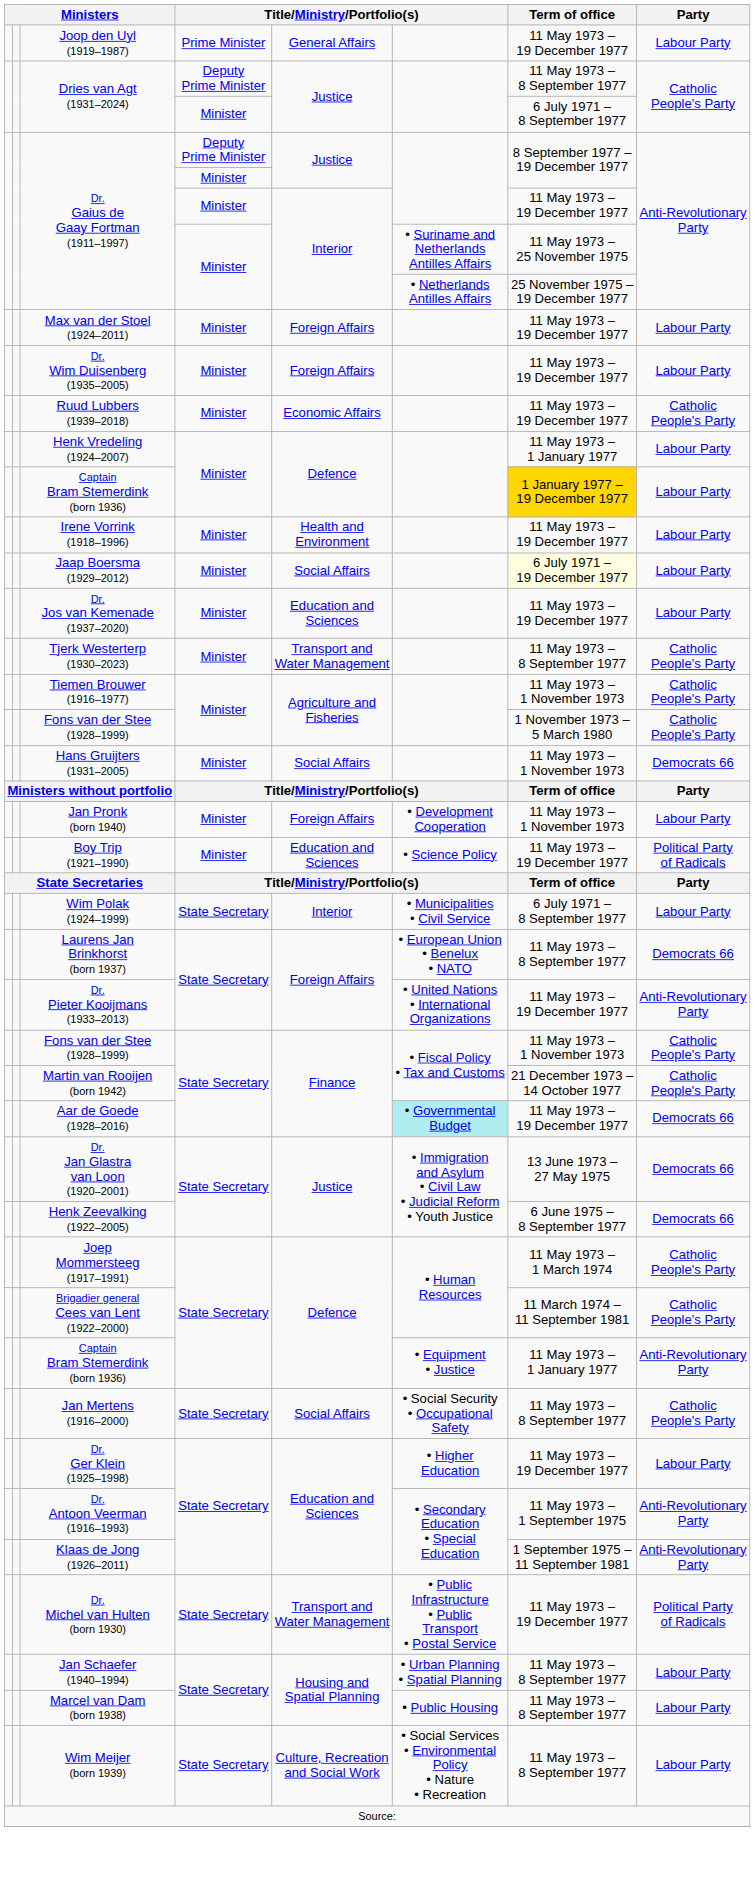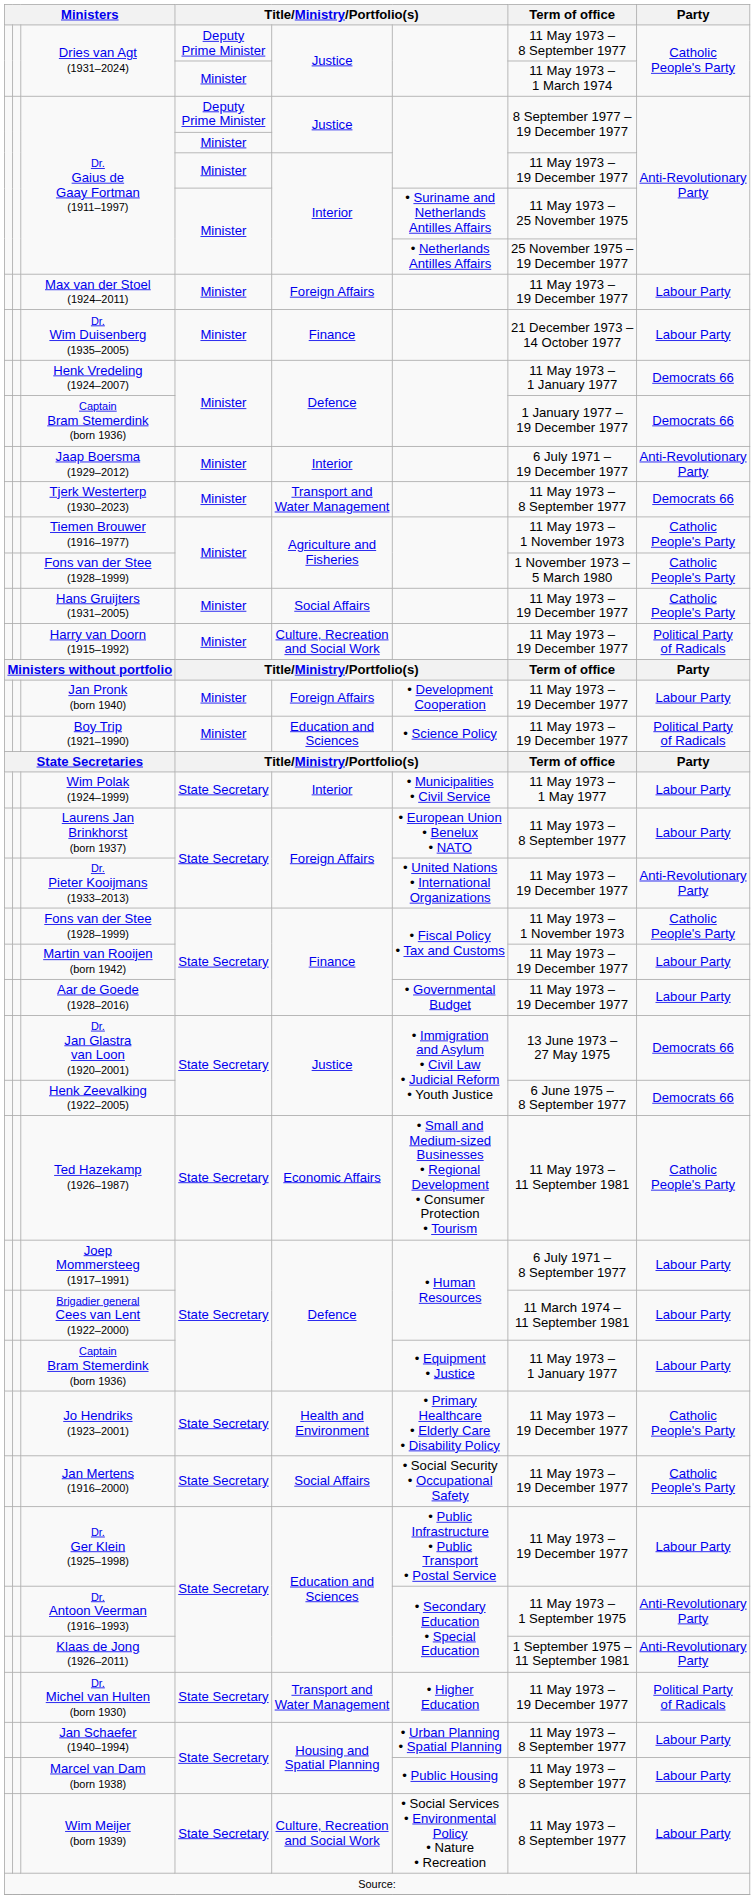 <table class="wikitable" style="text-align:center">
 <tr>
 <th colspan=3><a href='#'>Ministers</a></th>
 <th colspan=3>Title/<a href='#'>Ministry</a>/Portfolio(s)</th>
 <th>Term of office</th>
 <th>Party</th>
-</tr>
-<tr>
-<td style="background:"></td>
-<td></td>
-<td><a href='#'>Joop den Uyl</a> <br> <small>(1919–1987)</small></td>
-<td><a href='#'>Prime Minister</a></td>
-<td><a href='#'>General Affairs</a></td>
-<td></td>
-<td>11 May 1973 – <br> 19 December 1977</td>
-<td><a href='#'>Labour Party</a></td>
 </tr>
 <tr>
 <td rowspan=2 style="background:"></td>
 <td rowspan=2></td>
 <td rowspan=2><a href='#'>Dries van Agt</a> <br> <small>(1931–2024)</small></td>
 <td><a href='#'>Deputy <br> Prime Minister</a></td>
 <td rowspan=2><a href='#'>Justice</a></td>
 <td rowspan=2></td>
 <td>11 May 1973 – <br> 8 September 1977 <br> </td>
 <td rowspan=2><a href='#'>Catholic <br> People's Party</a></td>
 </tr>
 <tr>
 <td><a href='#'>Minister</a></td>
-<td>6 July 1971 – <br> 8 September 1977 <br>  </td>
+<td>11 May 1973 – <br> 1 March 1974 <br> </td>
 </tr>
 <tr>
 <td rowspan=5 style="background:"></td>
 <td rowspan=5></td>
 <td rowspan=5><small><a href='#'>Dr.</a></small> <br> <a href='#'>Gaius de <br> Gaay Fortman</a> <br> <small>(1911–1997)</small></td>
 <td><a href='#'>Deputy <br> Prime Minister</a></td>
 <td rowspan=2><a href='#'>Justice</a></td>
 <td rowspan=3></td>
 <td rowspan=2>8 September 1977 – <br> 19 December 1977</td>
 <td rowspan=5><a href='#'>Anti-Revolutionary <br> Party</a></td>
 </tr>
 <tr>
 <td><a href='#'>Minister</a></td>
 </tr>
 <tr>
 <td><a href='#'>Minister</a></td>
 <td rowspan=3><a href='#'>Interior</a></td>
 <td>11 May 1973 – <br> 19 December 1977</td>
 </tr>
 <tr>
 <td rowspan=2><a href='#'>Minister</a></td>
 <td>• <a href='#'>Suriname and <br> Netherlands <br> Antilles Affairs</a></td>
 <td>11 May 1973 – <br> 25 November 1975</td>
 </tr>
 <tr>
 <td>• <a href='#'>Netherlands <br> Antilles Affairs</a></td>
 <td>25 November 1975 – <br> 19 December 1977</td>
 </tr>
 <tr>
 <td style="background:"></td>
 <td></td>
 <td><a href='#'>Max van der Stoel</a> <br> <small>(1924–2011)</small></td>
 <td><a href='#'>Minister</a></td>
 <td><a href='#'>Foreign Affairs</a></td>
 <td></td>
 <td>11 May 1973 – <br> 19 December 1977</td>
 <td><a href='#'>Labour Party</a></td>
 </tr>
 <tr>
 <td style="background:"></td>
 <td></td>
 <td><small><a href='#'>Dr.</a></small> <br> <a href='#'>Wim Duisenberg</a> <br> <small>(1935–2005)</small></td>
 <td><a href='#'>Minister</a></td>
-<td><a href='#'>Foreign Affairs</a></td>
+<td><a href='#'>Finance</a></td>
 <td></td>
-<td>11 May 1973 – <br> 19 December 1977</td>
+<td>21 December 1973 – <br> 14 October 1977 <br> </td>
 <td><a href='#'>Labour Party</a></td>
-</tr>
-<tr>
-<td style="background:"></td>
-<td></td>
-<td><a href='#'>Ruud Lubbers</a> <br> <small>(1939–2018)</small></td>
-<td><a href='#'>Minister</a></td>
-<td><a href='#'>Economic Affairs</a></td>
-<td></td>
-<td>11 May 1973 – <br> 19 December 1977</td>
-<td><a href='#'>Catholic <br> People's Party</a></td>
 </tr>
 <tr>
 <td style="background:"></td>
 <td></td>
 <td><a href='#'>Henk Vredeling</a> <br> <small>(1924–2007)</small></td>
 <td rowspan=2><a href='#'>Minister</a></td>
 <td rowspan=2><a href='#'>Defence</a></td>
 <td rowspan=2></td>
 <td>11 May 1973 – <br> 1 January 1977 <br> </td>
-<td><a href='#'>Labour Party</a></td>
+<td><a href='#'>Democrats 66</a></td>
 </tr>
 <tr>
 <td style="background:"></td>
 <td></td>
 <td><small><a href='#'>Captain</a></small> <br> <a href='#'>Bram Stemerdink</a> <br> <small>(born 1936)</small></td>
-<td style="background: gold;">1 January 1977 – <br> 19 December 1977</td>
-<td><a href='#'>Labour Party</a></td>
-</tr>
-<tr>
-<td style="background:"></td>
-<td></td>
-<td><a href='#'>Irene Vorrink</a> <br> <small>(1918–1996)</small></td>
-<td><a href='#'>Minister</a></td>
-<td><a href='#'>Health and <br> Environment</a></td>
-<td></td>
-<td>11 May 1973 – <br> 19 December 1977</td>
-<td><a href='#'>Labour Party</a></td>
+<td>1 January 1977 – <br> 19 December 1977</td>
+<td><a href='#'>Democrats 66</a></td>
 </tr>
 <tr>
 <td style="background:"></td>
 <td></td>
 <td><a href='#'>Jaap Boersma</a> <br> <small>(1929–2012)</small></td>
 <td><a href='#'>Minister</a></td>
-<td><a href='#'>Social Affairs</a></td>
+<td><a href='#'>Interior</a></td>
 <td></td>
-<td style="background: lightyellow;">6 July 1971 – <br> 19 December 1977 <br> </td>
-<td><a href='#'>Labour Party</a></td>
-</tr>
-<tr>
-<td style="background:"></td>
-<td></td>
-<td><small><a href='#'>Dr.</a></small> <br> <a href='#'>Jos van Kemenade</a> <br> <small>(1937–2020)</small></td>
-<td><a href='#'>Minister</a></td>
-<td><a href='#'>Education and <br> Sciences</a></td>
-<td></td>
-<td>11 May 1973 – <br> 19 December 1977</td>
-<td><a href='#'>Labour Party</a></td>
+<td>6 July 1971 – <br> 19 December 1977 <br> </td>
+<td><a href='#'>Anti-Revolutionary <br> Party</a></td>
 </tr>
 <tr>
 <td style="background:"></td>
 <td></td>
 <td><a href='#'>Tjerk Westerterp</a> <br> <small>(1930–2023)</small></td>
 <td><a href='#'>Minister</a></td>
 <td><a href='#'>Transport and <br> Water Management</a></td>
 <td></td>
 <td>11 May 1973 – <br> 8 September 1977 <br> </td>
-<td><a href='#'>Catholic <br> People's Party</a></td>
+<td><a href='#'>Democrats 66</a></td>
 </tr>
 <tr>
 <td style="background:"></td>
 <td></td>
 <td><a href='#'>Tiemen Brouwer</a> <br> <small>(1916–1977)</small></td>
 <td rowspan=2><a href='#'>Minister</a></td>
 <td rowspan=2><a href='#'>Agriculture and <br> Fisheries</a></td>
 <td rowspan=2></td>
 <td>11 May 1973 – <br> 1 November 1973 <br> </td>
 <td><a href='#'>Catholic <br> People's Party</a></td>
 </tr>
 <tr>
 <td style="background:"></td>
 <td></td>
 <td><a href='#'>Fons van der Stee</a> <br> <small>(1928–1999)</small></td>
 <td>1 November 1973 – <br> 5 March 1980 <br> </td>
 <td><a href='#'>Catholic <br> People's Party</a></td>
 </tr>
 <tr>
 <td style="background:"></td>
 <td></td>
 <td><a href='#'>Hans Gruijters</a> <br> <small>(1931–2005)</small></td>
 <td><a href='#'>Minister</a></td>
 <td><a href='#'>Social Affairs</a></td>
 <td></td>
-<td>11 May 1973 – <br> 1 November 1973 <br> </td>
-<td><a href='#'>Democrats 66</a></td>
+<td>11 May 1973 – <br> 19 December 1977</td>
+<td><a href='#'>Catholic <br> People's Party</a></td>
+</tr>
+<tr>
+<td style="background:"></td>
+<td></td>
+<td><a href='#'>Harry van Doorn</a> <br> <small>(1915–1992)</small></td>
+<td><a href='#'>Minister</a></td>
+<td><a href='#'>Culture, Recreation <br> and Social Work</a></td>
+<td></td>
+<td>11 May 1973 – <br> 19 December 1977</td>
+<td><a href='#'>Political Party <br> of Radicals</a></td>
 </tr>
 <tr>
 <th colspan=3><a href='#'>Ministers without portfolio</a></th>
 <th colspan=3>Title/<a href='#'>Ministry</a>/Portfolio(s)</th>
 <th>Term of office</th>
 <th>Party</th>
 </tr>
 <tr>
 <td style="background:"></td>
 <td></td>
 <td><a href='#'>Jan Pronk</a> <br> <small>(born 1940)</small></td>
 <td><a href='#'>Minister</a></td>
 <td><a href='#'>Foreign Affairs</a></td>
 <td>• <a href='#'>Development <br> Cooperation</a></td>
-<td>11 May 1973 – <br> 1 November 1973 <br> </td>
+<td>11 May 1973 – <br> 19 December 1977</td>
 <td><a href='#'>Labour Party</a></td>
 </tr>
 <tr>
 <td style="background:"></td>
 <td></td>
 <td><a href='#'>Boy Trip</a> <br> <small>(1921–1990)</small></td>
 <td><a href='#'>Minister</a></td>
 <td><a href='#'>Education and <br> Sciences</a></td>
 <td>• <a href='#'>Science Policy</a></td>
 <td>11 May 1973 – <br> 19 December 1977</td>
 <td><a href='#'>Political Party <br> of Radicals</a></td>
 </tr>
 <tr>
 <th colspan=3><a href='#'>State Secretaries</a></th>
 <th colspan=3>Title/<a href='#'>Ministry</a>/Portfolio(s)</th>
 <th>Term of office</th>
 <th>Party</th>
 </tr>
 <tr>
 <td style="background:"></td>
 <td></td>
 <td><a href='#'>Wim Polak</a> <br> <small>(1924–1999)</small></td>
 <td><a href='#'>State Secretary</a></td>
 <td><a href='#'>Interior</a></td>
 <td>• <a href='#'>Municipalities</a> <br> • <a href='#'>Civil Service</a></td>
-<td>6 July 1971 – <br> 8 September 1977 <br>  </td>
+<td>11 May 1973 – <br> 1 May 1977 <br> </td>
 <td><a href='#'>Labour Party</a></td>
 </tr>
 <tr>
 <td style="background:"></td>
 <td></td>
 <td><a href='#'>Laurens Jan <br> Brinkhorst</a> <br> <small>(born 1937)</small></td>
 <td rowspan=2><a href='#'>State Secretary</a></td>
 <td rowspan=2><a href='#'>Foreign Affairs</a></td>
 <td>• <a href='#'>European Union</a> <br> • <a href='#'>Benelux</a> <br> • <a href='#'>NATO</a></td>
 <td>11 May 1973 – <br> 8 September 1977 <br> </td>
-<td><a href='#'>Democrats 66</a></td>
+<td><a href='#'>Labour Party</a></td>
 </tr>
 <tr>
 <td style="background:"></td>
 <td></td>
 <td><small><a href='#'>Dr.</a></small> <br> <a href='#'>Pieter Kooijmans</a> <br> <small>(1933–2013)</small></td>
 <td>• <a href='#'>United Nations</a> <br> • <a href='#'>International <br> Organizations</a></td>
 <td>11 May 1973 – <br> 19 December 1977</td>
 <td><a href='#'>Anti-Revolutionary <br> Party</a></td>
 </tr>
 <tr>
 <td style="background:"></td>
 <td></td>
 <td><a href='#'>Fons van der Stee</a> <br> <small>(1928–1999)</small></td>
 <td rowspan=3><a href='#'>State Secretary</a></td>
 <td rowspan=3><a href='#'>Finance</a></td>
 <td rowspan=2>• <a href='#'>Fiscal Policy</a> <br> • <a href='#'>Tax and Customs</a></td>
 <td>11 May 1973 – <br> 1 November 1973 <br> </td>
 <td><a href='#'>Catholic <br> People's Party</a></td>
 </tr>
 <tr>
 <td style="background:"></td>
 <td></td>
 <td><a href='#'>Martin van Rooijen</a> <br> <small>(born 1942)</small></td>
-<td>21 December 1973 – <br> 14 October 1977 <br> </td>
-<td><a href='#'>Catholic <br> People's Party</a></td>
+<td>11 May 1973 – <br> 19 December 1977</td>
+<td><a href='#'>Labour Party</a></td>
 </tr>
 <tr>
 <td style="background:"></td>
 <td></td>
 <td><a href='#'>Aar de Goede</a> <br> <small>(1928–2016)</small></td>
-<td style="background: paleturquoise;">• <a href='#'>Governmental <br> Budget</a></td>
+<td>• <a href='#'>Governmental <br> Budget</a></td>
 <td>11 May 1973 – <br> 19 December 1977</td>
-<td><a href='#'>Democrats 66</a></td>
+<td><a href='#'>Labour Party</a></td>
 </tr>
 <tr>
 <td style="background:"></td>
 <td></td>
 <td><small><a href='#'>Dr.</a></small> <br> <a href='#'>Jan Glastra <br> van Loon</a> <br> <small>(1920–2001)</small></td>
 <td rowspan=2><a href='#'>State Secretary</a></td>
 <td rowspan=2><a href='#'>Justice</a></td>
 <td rowspan=2>• <a href='#'>Immigration <br> and Asylum</a> <br> • <a href='#'>Civil Law</a> <br> • <a href='#'>Judicial Reform</a> <br> • Youth Justice</td>
 <td>13 June 1973 – <br> 27 May 1975 <br> </td>
 <td><a href='#'>Democrats 66</a></td>
 </tr>
 <tr>
 <td style="background:"></td>
 <td></td>
 <td><a href='#'>Henk Zeevalking</a> <br> <small>(1922–2005)</small></td>
 <td>6 June 1975 – <br> 8 September 1977 <br> </td>
 <td><a href='#'>Democrats 66</a></td>
 </tr>
 <tr>
 <td style="background:"></td>
 <td></td>
+<td><a href='#'>Ted Hazekamp</a> <br> <small>(1926–1987)</small></td>
+<td><a href='#'>State Secretary</a></td>
+<td><a href='#'>Economic Affairs</a></td>
+<td>• <a href='#'>Small and <br> Medium-sized <br> Businesses</a> <br> • <a href='#'>Regional <br> Development</a> <br> • Consumer <br> Protection <br> • <a href='#'>Tourism</a></td>
+<td>11 May 1973 – <br> 11 September 1981 <br> </td>
+<td><a href='#'>Catholic <br> People's Party</a></td>
+</tr>
+<tr>
+<td style="background:"></td>
+<td></td>
 <td><a href='#'>Joep <br> Mommersteeg</a> <br> <small>(1917–1991)</small></td>
 <td rowspan=3><a href='#'>State Secretary</a></td>
 <td rowspan=3><a href='#'>Defence</a></td>
 <td rowspan=2>• <a href='#'>Human <br> Resources</a></td>
-<td>11 May 1973 – <br> 1 March 1974 <br> </td>
-<td><a href='#'>Catholic <br> People's Party</a></td>
+<td>6 July 1971 – <br> 8 September 1977 <br>  </td>
+<td><a href='#'>Labour Party</a></td>
 </tr>
 <tr>
 <td style="background:"></td>
 <td></td>
 <td><small><a href='#'>Brigadier general</a></small> <br> <a href='#'>Cees van Lent</a> <br> <small>(1922–2000)</small></td>
 <td>11 March 1974 – <br> 11 September 1981 <br> </td>
-<td><a href='#'>Catholic <br> People's Party</a></td>
+<td><a href='#'>Labour Party</a></td>
 </tr>
 <tr>
 <td style="background:"></td>
 <td></td>
 <td><small><a href='#'>Captain</a></small> <br> <a href='#'>Bram Stemerdink</a> <br> <small>(born 1936)</small></td>
 <td>• <a href='#'>Equipment</a> <br> • <a href='#'>Justice</a></td>
 <td>11 May 1973 – <br> 1 January 1977 <br> </td>
-<td><a href='#'>Anti-Revolutionary <br> Party</a></td>
+<td><a href='#'>Labour Party</a></td>
+</tr>
+<tr>
+<td style="background:"></td>
+<td></td>
+<td><a href='#'>Jo Hendriks</a> <br> <small>(1923–2001)</small></td>
+<td><a href='#'>State Secretary</a></td>
+<td><a href='#'>Health and <br> Environment</a></td>
+<td>• <a href='#'>Primary <br> Healthcare</a> <br> • <a href='#'>Elderly Care</a> <br> • <a href='#'>Disability Policy</a></td>
+<td>11 May 1973 – <br> 19 December 1977</td>
+<td><a href='#'>Catholic <br> People's Party</a></td>
 </tr>
 <tr>
 <td style="background:"></td>
 <td></td>
 <td><a href='#'>Jan Mertens</a> <br> <small>(1916–2000)</small></td>
 <td><a href='#'>State Secretary</a></td>
 <td><a href='#'>Social Affairs</a></td>
 <td>• Social Security <br> • <a href='#'>Occupational <br> Safety</a></td>
-<td>11 May 1973 – <br> 8 September 1977 <br> </td>
+<td>11 May 1973 – <br> 19 December 1977</td>
 <td><a href='#'>Catholic <br> People's Party</a></td>
 </tr>
 <tr>
 <td style="background:"></td>
 <td></td>
 <td><small><a href='#'>Dr.</a></small> <br> <a href='#'>Ger Klein</a> <br> <small>(1925–1998)</small></td>
 <td rowspan=3><a href='#'>State Secretary</a></td>
 <td rowspan=3><a href='#'>Education and <br> Sciences</a></td>
-<td>• <a href='#'>Higher <br> Education</a></td>
+<td>• <a href='#'>Public <br> Infrastructure</a> <br> • <a href='#'>Public <br> Transport</a> <br> • <a href='#'>Postal Service</a></td>
 <td>11 May 1973 – <br> 19 December 1977</td>
 <td><a href='#'>Labour Party</a></td>
 </tr>
 <tr>
 <td style="background:"></td>
 <td></td>
 <td><small><a href='#'>Dr.</a></small> <br> <a href='#'>Antoon Veerman</a> <br> <small>(1916–1993)</small></td>
 <td rowspan=2>• <a href='#'>Secondary <br> Education</a> <br> • <a href='#'>Special <br> Education</a></td>
 <td>11 May 1973 – <br> 1 September 1975 <br> </td>
 <td><a href='#'>Anti-Revolutionary <br> Party</a></td>
 </tr>
 <tr>
 <td style="background:"></td>
 <td></td>
 <td><a href='#'>Klaas de Jong</a> <br> <small>(1926–2011)</small></td>
 <td>1 September 1975 – <br> 11 September 1981 <br> </td>
 <td><a href='#'>Anti-Revolutionary <br> Party</a></td>
 </tr>
 <tr>
 <td style="background:"></td>
 <td></td>
 <td><small><a href='#'>Dr.</a></small> <br> <a href='#'>Michel van Hulten</a> <br> <small>(born 1930)</small></td>
 <td><a href='#'>State Secretary</a></td>
 <td><a href='#'>Transport and <br> Water Management</a></td>
-<td>• <a href='#'>Public <br> Infrastructure</a> <br> • <a href='#'>Public <br> Transport</a> <br> • <a href='#'>Postal Service</a></td>
+<td>• <a href='#'>Higher <br> Education</a></td>
 <td>11 May 1973 – <br> 19 December 1977</td>
 <td><a href='#'>Political Party <br> of Radicals</a></td>
 </tr>
 <tr>
 <td style="background:"></td>
 <td></td>
 <td><a href='#'>Jan Schaefer</a> <br> <small>(1940–1994)</small></td>
 <td rowspan=2><a href='#'>State Secretary</a></td>
 <td rowspan=2><a href='#'>Housing and <br> Spatial Planning</a></td>
 <td>• <a href='#'>Urban Planning</a> <br> • <a href='#'>Spatial Planning</a></td>
 <td>11 May 1973 – <br> 8 September 1977 <br> </td>
 <td><a href='#'>Labour Party</a></td>
 </tr>
 <tr>
 <td style="background:"></td>
 <td></td>
 <td><a href='#'>Marcel van Dam</a> <br> <small>(born 1938)</small></td>
 <td>• <a href='#'>Public Housing</a></td>
 <td>11 May 1973 – <br> 8 September 1977 <br> </td>
 <td><a href='#'>Labour Party</a></td>
 </tr>
 <tr>
 <td style="background:"></td>
 <td></td>
 <td><a href='#'>Wim Meijer</a> <br> <small>(born 1939)</small></td>
 <td><a href='#'>State Secretary</a></td>
 <td><a href='#'>Culture, Recreation <br> and Social Work</a></td>
 <td>• Social Services <br> • <a href='#'>Environmental <br> Policy</a> <br> • Nature <br> • Recreation</td>
 <td>11 May 1973 – <br> 8 September 1977 <br> </td>
 <td><a href='#'>Labour Party</a></td>
 </tr>
 <tr>
 <td colspan=8><small>Source:  </small></td>
 </tr>
 <tr>
 </tr>
 </table>
